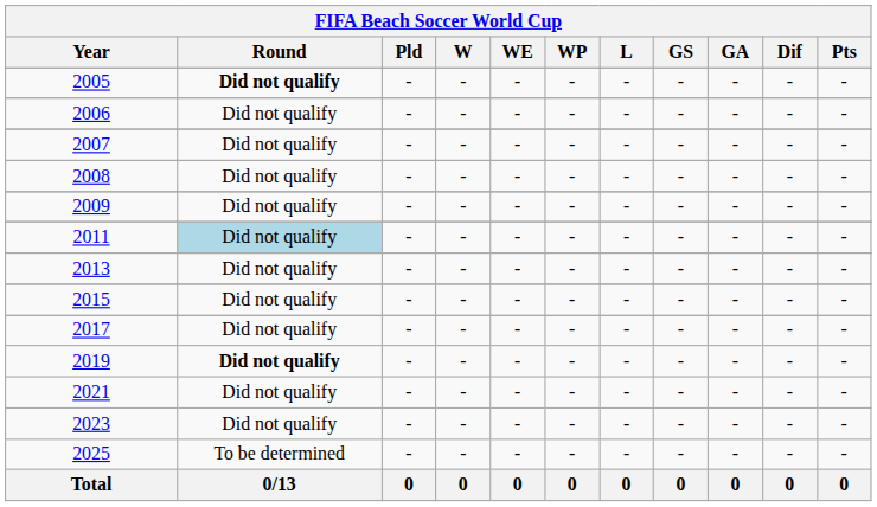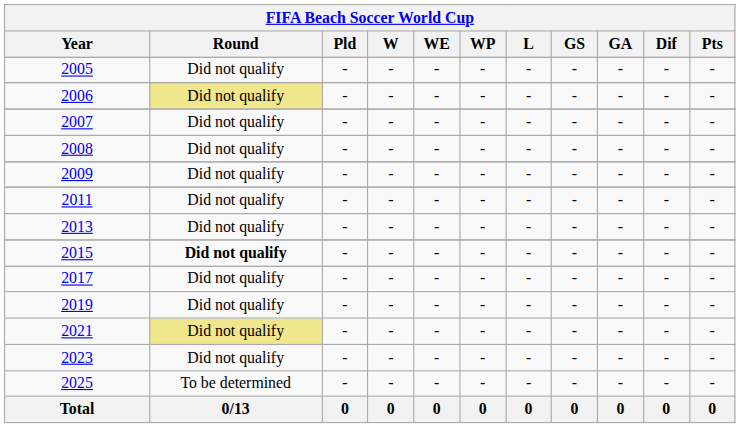 <table class="wikitable" style="text-align: center;font-size:90%;">
 <tr>
 <th colspan=11><a href='#'>FIFA Beach Soccer World Cup</a></th>
 </tr>
 <tr>
 <th width=125>Year</th>
 <th width=150>Round</th>
 <th width=35>Pld</th>
 <th width=35>W</th>
 <th width=35>WE</th>
 <th width=35>WP</th>
 <th width=35>L</th>
 <th width=35>GS</th>
 <th width=35>GA</th>
 <th width=35>Dif</th>
 <th width=35>Pts</th>
 </tr>
 <tr>
 </tr>
 <tr>
 <td> <a href='#'>2005</a></td>
-<td><strong>Did not qualify</strong></td>
+<td>Did not qualify</td>
 <td>-</td>
 <td>-</td>
 <td>-</td>
 <td>-</td>
 <td>-</td>
 <td>-</td>
 <td>-</td>
 <td>-</td>
 <td>-</td>
 </tr>
 <tr>
 </tr>
 <tr>
 <td> <a href='#'>2006</a></td>
-<td>Did not qualify</td>
+<td style="background: khaki;">Did not qualify</td>
 <td>-</td>
 <td>-</td>
 <td>-</td>
 <td>-</td>
 <td>-</td>
 <td>-</td>
 <td>-</td>
 <td>-</td>
 <td>-</td>
 </tr>
 <tr>
 </tr>
 <tr>
 <td> <a href='#'>2007</a></td>
 <td>Did not qualify</td>
 <td>-</td>
 <td>-</td>
 <td>-</td>
 <td>-</td>
 <td>-</td>
 <td>-</td>
 <td>-</td>
 <td>-</td>
 <td>-</td>
 </tr>
 <tr>
 </tr>
 <tr>
 <td> <a href='#'>2008</a></td>
 <td>Did not qualify</td>
 <td>-</td>
 <td>-</td>
 <td>-</td>
 <td>-</td>
 <td>-</td>
 <td>-</td>
 <td>-</td>
 <td>-</td>
 <td>-</td>
 </tr>
 <tr>
 </tr>
 <tr>
 <td> <a href='#'>2009</a></td>
 <td>Did not qualify</td>
 <td>-</td>
 <td>-</td>
 <td>-</td>
 <td>-</td>
 <td>-</td>
 <td>-</td>
 <td>-</td>
 <td>-</td>
 <td>-</td>
 </tr>
 <tr>
 </tr>
 <tr>
 <td> <a href='#'>2011</a></td>
-<td style="background: lightblue;">Did not qualify</td>
+<td>Did not qualify</td>
 <td>-</td>
 <td>-</td>
 <td>-</td>
 <td>-</td>
 <td>-</td>
 <td>-</td>
 <td>-</td>
 <td>-</td>
 <td>-</td>
 </tr>
 <tr>
 </tr>
 <tr>
 <td> <a href='#'>2013</a></td>
 <td>Did not qualify</td>
 <td>-</td>
 <td>-</td>
 <td>-</td>
 <td>-</td>
 <td>-</td>
 <td>-</td>
 <td>-</td>
 <td>-</td>
 <td>-</td>
 </tr>
 <tr>
 </tr>
 <tr>
 <td> <a href='#'>2015</a></td>
-<td>Did not qualify</td>
+<td><strong>Did not qualify</strong></td>
 <td>-</td>
 <td>-</td>
 <td>-</td>
 <td>-</td>
 <td>-</td>
 <td>-</td>
 <td>-</td>
 <td>-</td>
 <td>-</td>
 </tr>
 <tr>
 </tr>
 <tr>
 <td> <a href='#'>2017</a></td>
 <td>Did not qualify</td>
 <td>-</td>
 <td>-</td>
 <td>-</td>
 <td>-</td>
 <td>-</td>
 <td>-</td>
 <td>-</td>
 <td>-</td>
 <td>-</td>
 </tr>
 <tr>
 <td> <a href='#'>2019</a></td>
-<td><strong>Did not qualify</strong></td>
+<td>Did not qualify</td>
 <td>-</td>
 <td>-</td>
 <td>-</td>
 <td>-</td>
 <td>-</td>
 <td>-</td>
 <td>-</td>
 <td>-</td>
 <td>-</td>
 </tr>
 <tr>
 <td> <a href='#'>2021</a></td>
-<td>Did not qualify</td>
+<td style="background: khaki;">Did not qualify</td>
 <td>-</td>
 <td>-</td>
 <td>-</td>
 <td>-</td>
 <td>-</td>
 <td>-</td>
 <td>-</td>
 <td>-</td>
 <td>-</td>
 </tr>
 <tr>
 <td> <a href='#'>2023</a></td>
 <td>Did not qualify</td>
 <td>-</td>
 <td>-</td>
 <td>-</td>
 <td>-</td>
 <td>-</td>
 <td>-</td>
 <td>-</td>
 <td>-</td>
 <td>-</td>
 </tr>
 <tr>
 <td> <a href='#'>2025</a></td>
 <td>To be determined</td>
 <td>-</td>
 <td>-</td>
 <td>-</td>
 <td>-</td>
 <td>-</td>
 <td>-</td>
 <td>-</td>
 <td>-</td>
 <td>-</td>
 </tr>
 <tr>
 <th>Total</th>
 <th>0/13</th>
 <th>0</th>
 <th>0</th>
 <th>0</th>
 <th>0</th>
 <th>0</th>
 <th>0</th>
 <th>0</th>
 <th>0</th>
 <th>0</th>
 </tr>
 </table>
